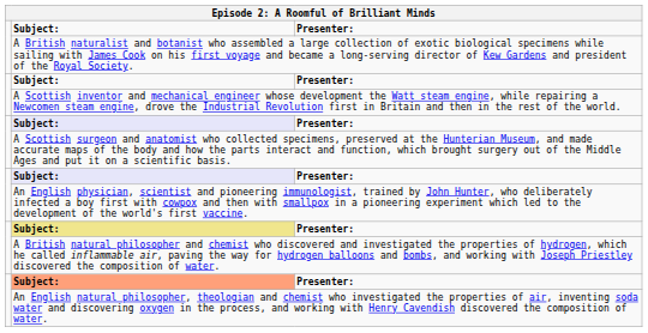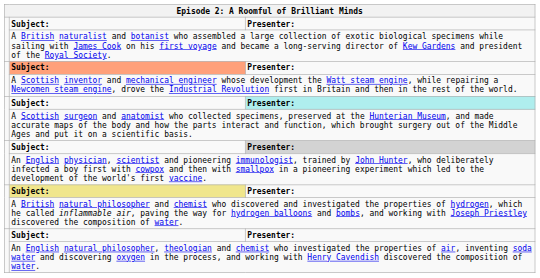 <table class="wikitable">
 <tr>
 <th colspan=3>Episode 2: A Roomful of Brilliant Minds</th>
 </tr>
 <tr>
 <td rowspan=2></td>
 <td><strong>Subject:</strong> </td>
 <td><strong>Presenter:</strong> </td>
 </tr>
 <tr>
 <td colspan=3>A <a href='#'>British</a> <a href='#'>naturalist</a> and <a href='#'>botanist</a> who assembled a large collection of exotic biological specimens while sailing with <a href='#'>James Cook</a> on his <a href='#'>first voyage</a> and became a long-serving director of <a href='#'>Kew Gardens</a> and president of the <a href='#'>Royal Society</a>.</td>
 </tr>
 <tr>
 <td rowspan=2></td>
-<td><strong>Subject:</strong> </td>
+<td style="background: lightsalmon;"><strong>Subject:</strong> </td>
 <td><strong>Presenter:</strong> </td>
 </tr>
 <tr>
 <td colspan=3>A <a href='#'>Scottish</a> <a href='#'>inventor</a> and <a href='#'>mechanical engineer</a> whose development the <a href='#'>Watt steam engine</a>, while repairing a <a href='#'>Newcomen steam engine</a>, drove the  <a href='#'>Industrial Revolution</a> first in Britain and then in the rest of the world.</td>
 </tr>
 <tr>
 <td rowspan=2></td>
-<td style="background: lavender;"><strong>Subject:</strong> </td>
-<td><strong>Presenter:</strong> </td>
+<td><strong>Subject:</strong> </td>
+<td style="background: paleturquoise;"><strong>Presenter:</strong> </td>
 </tr>
 <tr>
 <td colspan=3>A <a href='#'>Scottish</a> <a href='#'>surgeon</a> and <a href='#'>anatomist</a> who collected specimens, preserved at the <a href='#'>Hunterian Museum</a>, and made accurate maps of the body and how the parts interact and function, which brought surgery out of the Middle Ages and put it on a scientific basis.</td>
 </tr>
 <tr>
 <td rowspan=2></td>
-<td style="background: lavender;"><strong>Subject:</strong> </td>
-<td><strong>Presenter:</strong> </td>
+<td><strong>Subject:</strong> </td>
+<td style="background: lightgrey;"><strong>Presenter:</strong> </td>
 </tr>
 <tr>
 <td colspan=3>An <a href='#'>English</a> <a href='#'>physician</a>, <a href='#'>scientist</a> and pioneering <a href='#'>immunologist</a>, trained by <a href='#'>John Hunter</a>, who deliberately infected a boy first with <a href='#'>cowpox</a> and then with <a href='#'>smallpox</a> in a pioneering experiment which led to the development of the world's first <a href='#'>vaccine</a>.</td>
 </tr>
 <tr>
 <td rowspan=2></td>
 <td style="background: khaki;"><strong>Subject:</strong> </td>
 <td><strong>Presenter:</strong> </td>
 </tr>
 <tr>
 <td colspan=3>A <a href='#'>British</a> <a href='#'>natural philosopher</a> and <a href='#'>chemist</a> who discovered and investigated the properties of <a href='#'>hydrogen</a>, which he called <em>inflammable air</em>, paving the way for <a href='#'>hydrogen balloons</a> and <a href='#'>bombs</a>, and working with <a href='#'>Joseph Priestley</a> discovered the composition of <a href='#'>water</a>.</td>
 </tr>
 <tr>
 <td rowspan=2></td>
-<td style="background: lightsalmon;"><strong>Subject:</strong> </td>
+<td><strong>Subject:</strong> </td>
 <td><strong>Presenter:</strong> </td>
 </tr>
 <tr>
 <td colspan=3>An <a href='#'>English</a> <a href='#'>natural philosopher</a>, <a href='#'>theologian</a> and <a href='#'>chemist</a> who investigated the properties of <a href='#'>air</a>, inventing <a href='#'>soda water</a> and discovering <a href='#'>oxygen</a> in the process, and working with <a href='#'>Henry Cavendish</a> discovered the composition of <a href='#'>water</a>.</td>
 </tr>
 </table>
